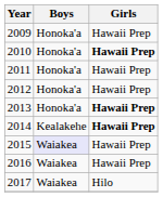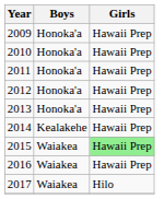 <table class="wikitable">
 <tr>
 <th>Year</th>
 <th>Boys</th>
 <th>Girls</th>
 </tr>
 <tr>
 <td>2009</td>
 <td>Honoka'a</td>
 <td>Hawaii Prep</td>
 </tr>
 <tr>
 <td>2010</td>
 <td>Honoka'a</td>
-<td><strong>Hawaii Prep</strong></td>
+<td>Hawaii Prep</td>
 </tr>
 <tr>
 <td>2011</td>
 <td>Honoka'a</td>
 <td>Hawaii Prep</td>
 </tr>
 <tr>
 <td>2012</td>
 <td>Honoka'a</td>
 <td>Hawaii Prep</td>
 </tr>
 <tr>
 <td>2013</td>
 <td>Honoka'a</td>
-<td><strong>Hawaii Prep</strong></td>
+<td>Hawaii Prep</td>
 </tr>
 <tr>
 <td>2014</td>
 <td>Kealakehe</td>
-<td><strong>Hawaii Prep</strong></td>
+<td>Hawaii Prep</td>
 </tr>
 <tr>
 <td>2015</td>
-<td style="background: lavender;">Waiakea</td>
-<td>Hawaii Prep</td>
+<td>Waiakea</td>
+<td style="background: lightgreen;">Hawaii Prep</td>
 </tr>
 <tr>
 <td>2016</td>
 <td>Waiakea</td>
 <td>Hawaii Prep</td>
 </tr>
 <tr>
 <td>2017</td>
 <td>Waiakea</td>
 <td>Hilo</td>
 </tr>
 <tr>
 </tr>
 </table>
